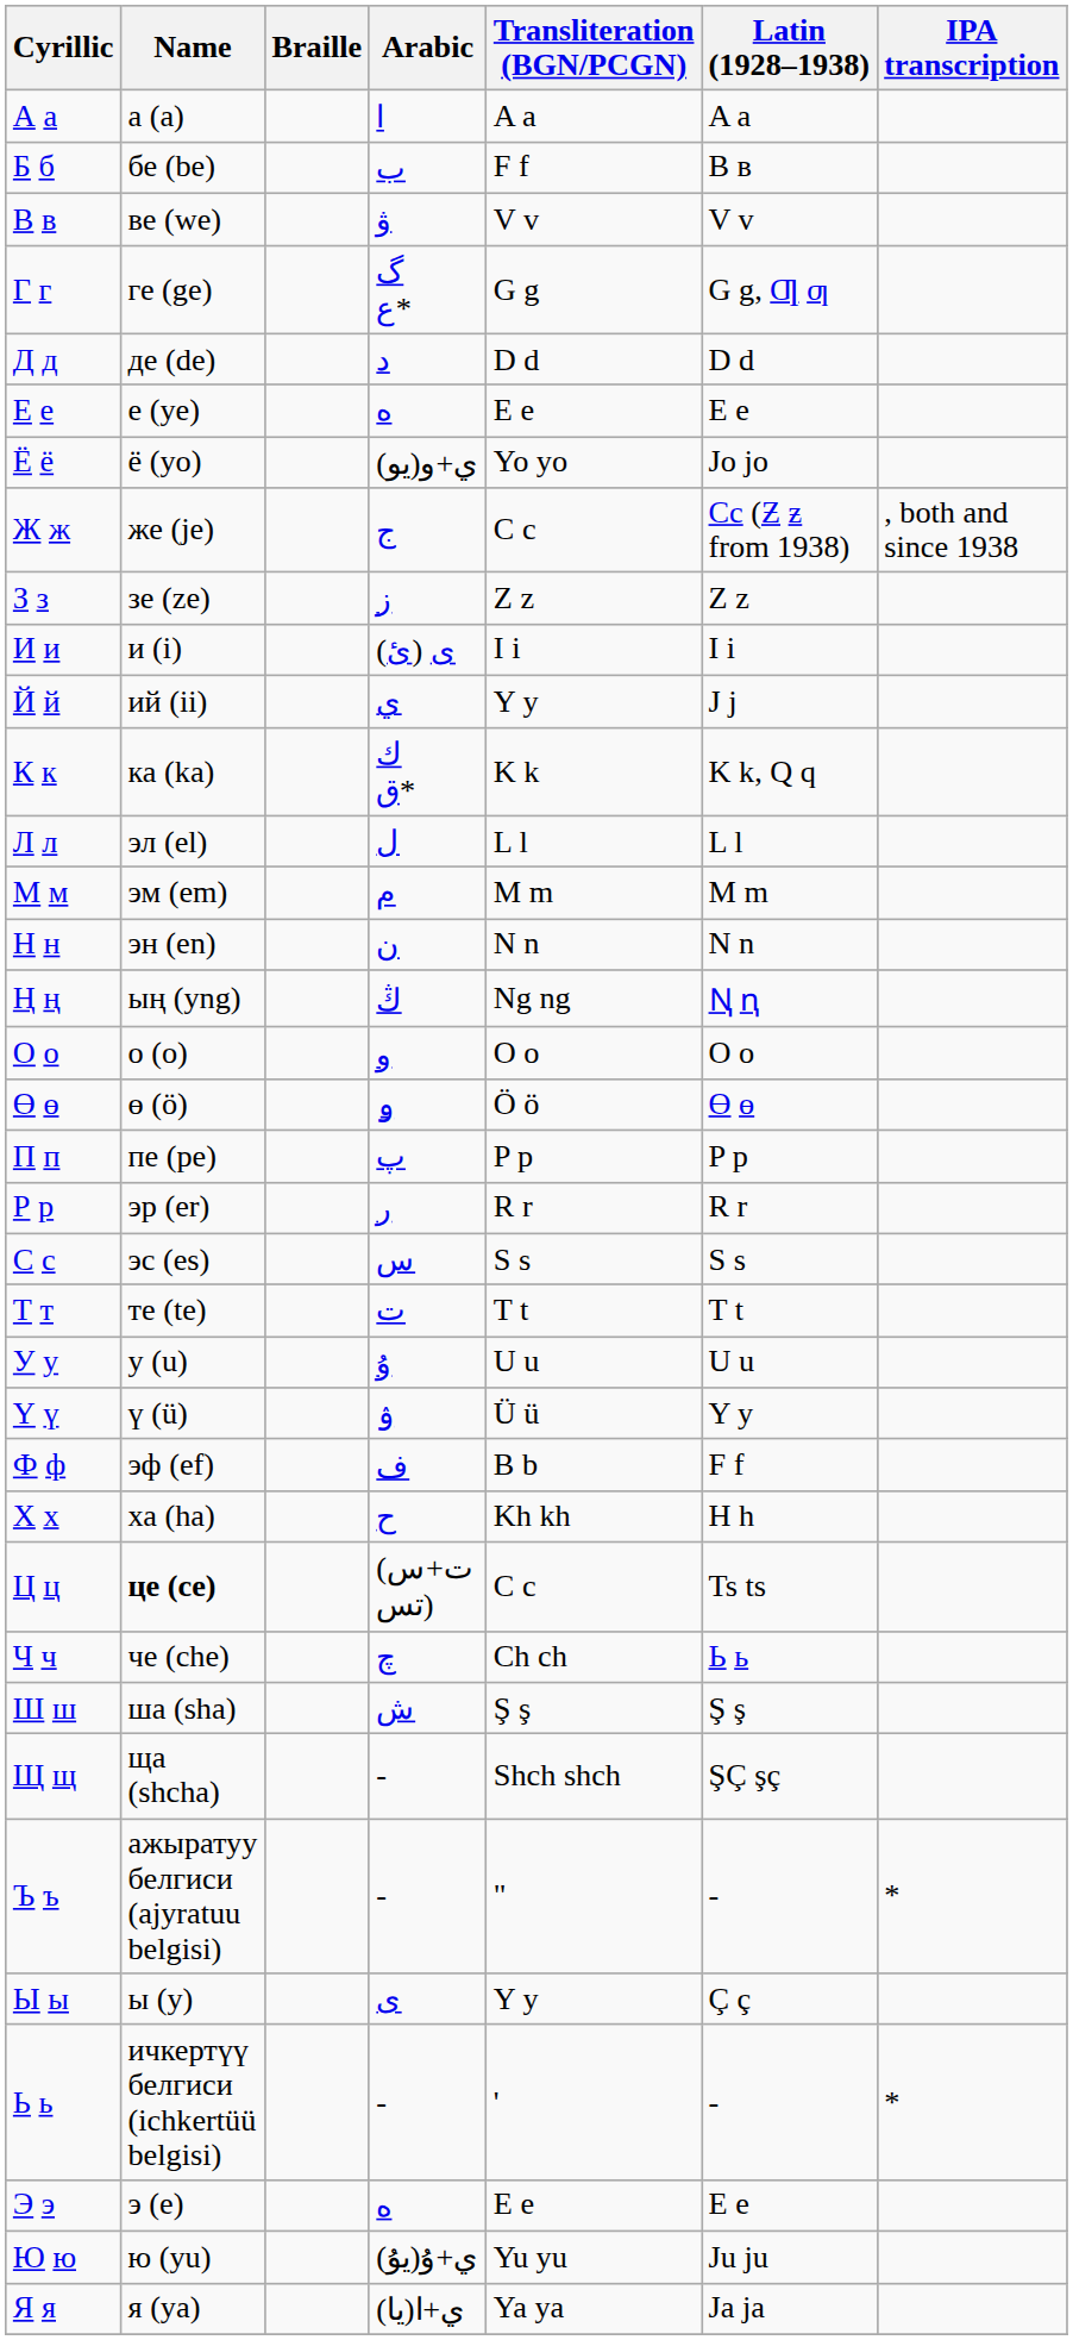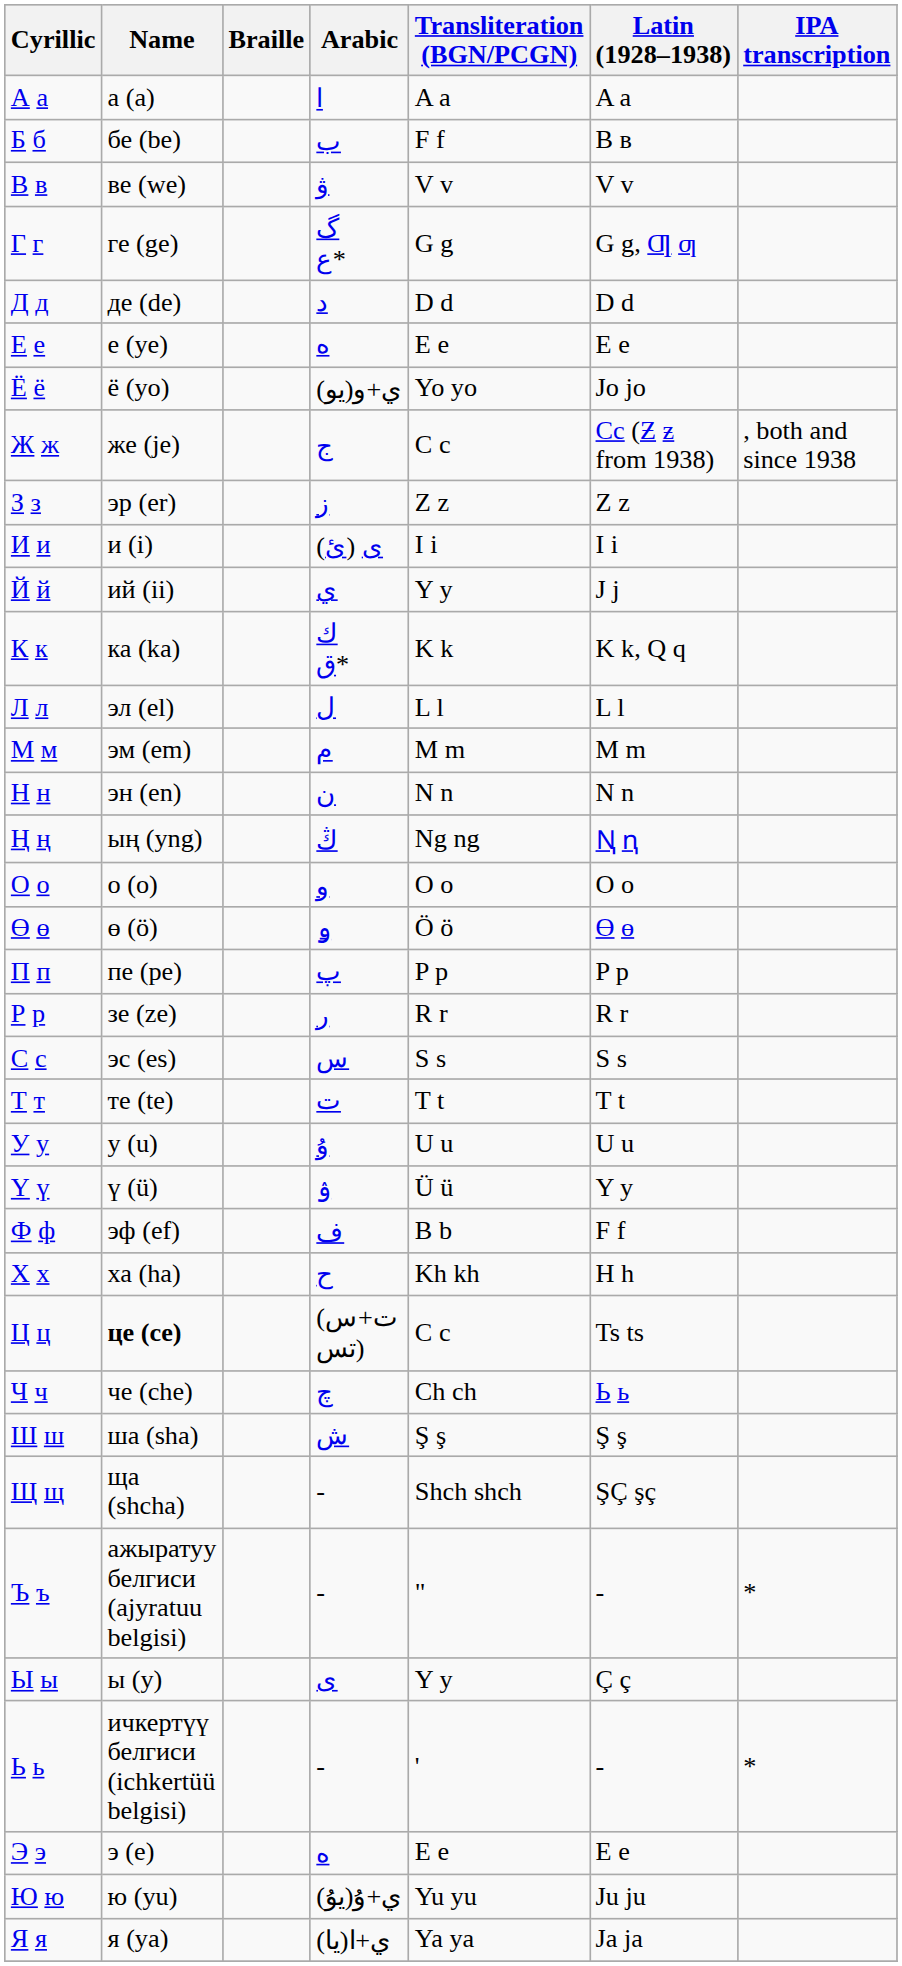 <table class="sortable wikitable" width="400">
 <tr>
 <th>Cyrillic</th>
 <th>Name</th>
 <th>Braille</th>
 <th>Arabic</th>
 <th><a href='#'>Transliteration</a><br><a href='#'>(BGN/PCGN)</a></th>
 <th><a href='#'>Latin</a> <br>(1928–⁠1938)</th>
 <th><a href='#'>IPA transcription</a></th>
 </tr>
 <tr>
 <td><a href='#'>А</a> <a href='#'>а</a></td>
 <td>а (a)</td>
 <td></td>
 <td><a href='#'>ا</a></td>
 <td>A a</td>
 <td>A a</td>
 <td></td>
 </tr>
 <tr>
 <td><a href='#'>Б</a> <a href='#'>б</a></td>
 <td>бе (be)</td>
 <td></td>
 <td><a href='#'>ب</a></td>
 <td>F f</td>
 <td>B ʙ</td>
 <td></td>
 </tr>
 <tr>
 <td><a href='#'>В</a> <a href='#'>в</a></td>
 <td>ве (we)</td>
 <td></td>
 <td><a href='#'>ۋ</a></td>
 <td>V v</td>
 <td>V v</td>
 <td></td>
 </tr>
 <tr>
 <td><a href='#'>Г</a> <a href='#'>г</a></td>
 <td>ге (ge)</td>
 <td></td>
 <td><a href='#'>گ</a> <br><a href='#'>ع</a>*</td>
 <td>G g</td>
 <td>G g, <a href='#'>Ƣ</a> <a href='#'>ƣ</a></td>
 <td></td>
 </tr>
 <tr>
 <td><a href='#'>Д</a> <a href='#'>д</a></td>
 <td>де (de)</td>
 <td></td>
 <td><a href='#'>د</a></td>
 <td>D d</td>
 <td>D d</td>
 <td></td>
 </tr>
 <tr>
 <td><a href='#'>Е</a> <a href='#'>е</a></td>
 <td>е (ye)</td>
 <td></td>
 <td><a href='#'>ە</a></td>
 <td>E e</td>
 <td>E e</td>
 <td></td>
 </tr>
 <tr>
 <td><a href='#'>Ё</a> <a href='#'>ё</a></td>
 <td>ё (yo)</td>
 <td></td>
 <td>ي+و(يو)</td>
 <td>Yo yo</td>
 <td>Jo jo</td>
 <td></td>
 </tr>
 <tr>
 <td><a href='#'>Ж</a> <a href='#'>ж</a></td>
 <td>же (je)</td>
 <td></td>
 <td><a href='#'>ج</a></td>
 <td>C c</td>
 <td><a href='#'>Cc</a> (<a href='#'>Ƶ</a> <a href='#'>ƶ</a> from 1938)</td>
 <td>, both  and  since 1938</td>
 </tr>
 <tr>
 <td><a href='#'>З</a> <a href='#'>з</a></td>
-<td>зе (ze)</td>
+<td>эр (er)</td>
 <td></td>
 <td><a href='#'>ز</a></td>
 <td>Z z</td>
 <td>Z z</td>
 <td></td>
 </tr>
 <tr>
 <td><a href='#'>И</a> <a href='#'>и</a></td>
 <td>и (i)</td>
 <td></td>
 <td><a href='#'>ى</a> (<a href='#'>ئ</a>)</td>
 <td>I i</td>
 <td>I i</td>
 <td></td>
 </tr>
 <tr>
 <td><a href='#'>Й</a> <a href='#'>й</a></td>
 <td>ий (ii)</td>
 <td></td>
 <td><a href='#'>ي</a></td>
 <td>Y y</td>
 <td>J j</td>
 <td></td>
 </tr>
 <tr>
 <td><a href='#'>К</a> <a href='#'>к</a></td>
 <td>ка (ka)</td>
 <td></td>
 <td><a href='#'>ك</a><br><a href='#'>ق</a>*</td>
 <td>K k</td>
 <td>K k, Q q</td>
 <td></td>
 </tr>
 <tr>
 <td><a href='#'>Л</a> <a href='#'>л</a></td>
 <td>эл (el)</td>
 <td></td>
 <td><a href='#'>ل</a></td>
 <td>L l</td>
 <td>L l</td>
 <td></td>
 </tr>
 <tr>
 <td><a href='#'>М</a> <a href='#'>м</a></td>
 <td>эм (em)</td>
 <td></td>
 <td><a href='#'>م</a></td>
 <td>M m</td>
 <td>M m</td>
 <td></td>
 </tr>
 <tr>
 <td><a href='#'>Н</a> <a href='#'>н</a></td>
 <td>эн (en)</td>
 <td></td>
 <td><a href='#'>ن</a></td>
 <td>N n</td>
 <td>N n</td>
 <td></td>
 </tr>
 <tr>
 <td><a href='#'>Ң</a> <a href='#'>ң</a></td>
 <td>ың (yng)</td>
 <td></td>
 <td><a href='#'>ڭ</a></td>
 <td>Ng ng</td>
 <td><a href='#'>Ꞑ</a> <a href='#'>ꞑ</a></td>
 <td></td>
 </tr>
 <tr>
 <td><a href='#'>О</a> <a href='#'>о</a></td>
 <td>о (o)</td>
 <td></td>
 <td><a href='#'>و</a></td>
 <td>O o</td>
 <td>O o</td>
 <td></td>
 </tr>
 <tr>
 <td><a href='#'>Ө</a> <a href='#'>ө</a></td>
 <td>ө (ö)</td>
 <td></td>
 <td><a href='#'>ۅ</a></td>
 <td>Ö ö</td>
 <td><a href='#'>Ɵ</a> <a href='#'>ɵ</a></td>
 <td></td>
 </tr>
 <tr>
 <td><a href='#'>П</a> <a href='#'>п</a></td>
 <td>пе (pe)</td>
 <td></td>
 <td><a href='#'>پ</a></td>
 <td>P p</td>
 <td>P p</td>
 <td></td>
 </tr>
 <tr>
 <td><a href='#'>Р</a> <a href='#'>р</a></td>
-<td>эр (er)</td>
+<td>зе (ze)</td>
 <td></td>
 <td><a href='#'>ر</a></td>
 <td>R r</td>
 <td>R r</td>
 <td></td>
 </tr>
 <tr>
 <td><a href='#'>С</a> <a href='#'>с</a></td>
 <td>эс (es)</td>
 <td></td>
 <td><a href='#'>س</a></td>
 <td>S s</td>
 <td>S s</td>
 <td></td>
 </tr>
 <tr>
 <td><a href='#'>Т</a> <a href='#'>т</a></td>
 <td>те (te)</td>
 <td></td>
 <td><a href='#'>ت</a></td>
 <td>T t</td>
 <td>T t</td>
 <td></td>
 </tr>
 <tr>
 <td><a href='#'>У</a> <a href='#'>у</a></td>
 <td>у (u)</td>
 <td></td>
 <td><a href='#'>ۇ</a></td>
 <td>U u</td>
 <td>U u</td>
 <td></td>
 </tr>
 <tr>
 <td><a href='#'>Ү</a> <a href='#'>ү</a></td>
 <td>ү (ü)</td>
 <td></td>
 <td><a href='#'>ۉ</a></td>
 <td>Ü ü</td>
 <td>Y y</td>
 <td></td>
 </tr>
 <tr>
 <td><a href='#'>Ф</a> <a href='#'>ф</a></td>
 <td>эф (ef)</td>
 <td></td>
 <td><a href='#'>ف</a></td>
 <td>B b</td>
 <td>F f</td>
 <td></td>
 </tr>
 <tr>
 <td><a href='#'>Х</a> <a href='#'>х</a></td>
 <td>ха (ha)</td>
 <td></td>
 <td><a href='#'>ح</a></td>
 <td>Kh kh</td>
 <td>H h</td>
 <td></td>
 </tr>
 <tr>
 <td><a href='#'>Ц</a> <a href='#'>ц</a></td>
 <td><strong>це (ce)</strong></td>
 <td></td>
 <td>(ت+س (تس</td>
 <td>C c</td>
 <td>Ts ts</td>
 <td></td>
 </tr>
 <tr>
 <td><a href='#'>Ч</a> <a href='#'>ч</a></td>
 <td>че (che)</td>
 <td></td>
 <td><a href='#'>چ</a></td>
 <td>Ch ch</td>
 <td><a href='#'>Ь</a> <a href='#'>ь</a></td>
 <td></td>
 </tr>
 <tr>
 <td><a href='#'>Ш</a> <a href='#'>ш</a></td>
 <td>ша (sha)</td>
 <td></td>
 <td><a href='#'>ش</a></td>
 <td>Ş ş</td>
 <td>Ş ş</td>
 <td></td>
 </tr>
 <tr>
 <td><a href='#'>Щ</a> <a href='#'>щ</a></td>
 <td>ща (shcha)</td>
 <td></td>
 <td>-</td>
 <td>Shch shch</td>
 <td>ŞÇ şç</td>
 <td></td>
 </tr>
 <tr>
 <td><a href='#'>Ъ</a> <a href='#'>ъ</a></td>
 <td>ажыратуу белгиси (ajyratuu belgisi)</td>
 <td></td>
 <td>-</td>
 <td>"</td>
 <td>-</td>
 <td>*</td>
 </tr>
 <tr>
 <td><a href='#'>Ы</a> <a href='#'>ы</a></td>
 <td>ы (y)</td>
 <td></td>
 <td><a href='#'>ى</a></td>
 <td>Y y</td>
 <td>Ç ç</td>
 <td></td>
 </tr>
 <tr>
 <td><a href='#'>Ь</a> <a href='#'>ь</a></td>
 <td>ичкертүү белгиси (ichkertüü belgisi)</td>
 <td></td>
 <td>-</td>
 <td>'</td>
 <td>-</td>
 <td>*</td>
 </tr>
 <tr>
 <td><a href='#'>Э</a> <a href='#'>э</a></td>
 <td>э (e)</td>
 <td></td>
 <td><a href='#'>ە</a></td>
 <td>E e</td>
 <td>E e</td>
 <td></td>
 </tr>
 <tr>
 <td><a href='#'>Ю</a> <a href='#'>ю</a></td>
 <td>ю (yu)</td>
 <td></td>
 <td>ي+ۇ(يۇ)</td>
 <td>Yu yu</td>
 <td>Ju ju</td>
 <td></td>
 </tr>
 <tr>
 <td><a href='#'>Я</a> <a href='#'>я</a></td>
 <td>я (ya)</td>
 <td></td>
 <td>ي+ا(يا)</td>
 <td>Ya ya</td>
 <td>Ja ja</td>
 <td></td>
 </tr>
 <tr>
 </tr>
 </table>
